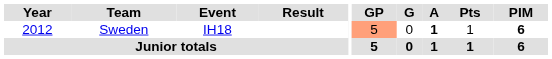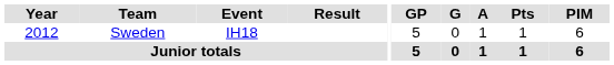 <table border="0" cellpadding="1" cellspacing="0" ID="Table3" style="text-align:center; width:40em">
 <tr ALIGN="center" bgcolor="#e0e0e0">
 <th>Year</th>
 <th>Team</th>
 <th>Event</th>
 <th>Result</th>
 <th rowspan="99" bgcolor="#ffffff"></th>
 <th>GP</th>
 <th>G</th>
 <th>A</th>
 <th>Pts</th>
 <th>PIM</th>
 </tr>
 <tr>
 <td><a href='#'>2012</a></td>
 <td><a href='#'>Sweden</a></td>
 <td><a href='#'>IH18</a></td>
 <td></td>
-<td style="background: lightsalmon;">5</td>
+<td>5</td>
 <td>0</td>
-<td><strong>1</strong></td>
 <td>1</td>
-<td><strong>6</strong></td>
+<td>1</td>
+<td>6</td>
 </tr>
 <tr bgcolor="#e0e0e0">
 <th colspan="4">Junior totals</th>
 <th>5</th>
 <th>0</th>
 <th>1</th>
 <th>1</th>
 <th>6</th>
 </tr>
 </table>
